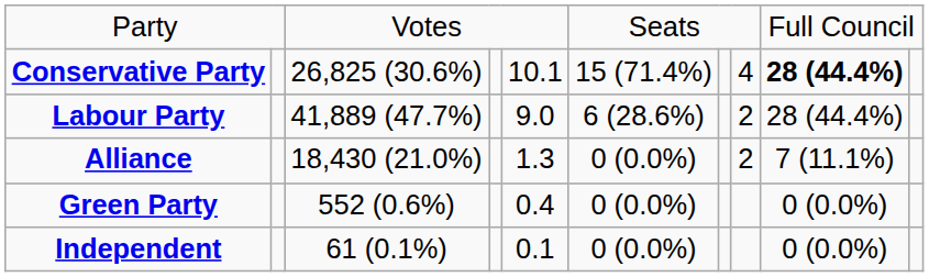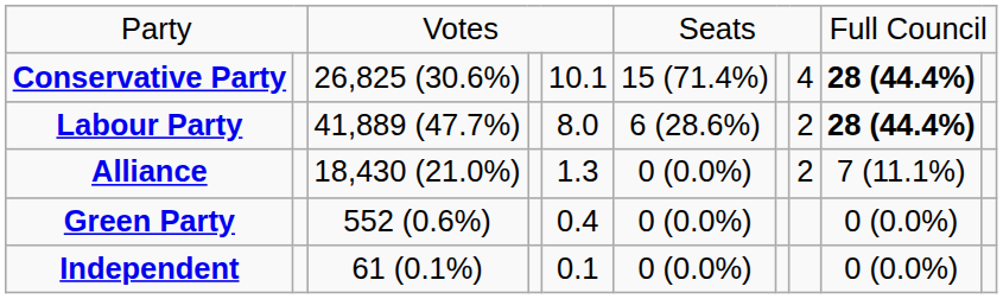 <table class=wikitable style="text-align:center;">
 <tr>
 <td colspan=2>Party</td>
 <td colspan=3>Votes</td>
 <td colspan=3>Seats</td>
 <td colspan=3>Full Council</td>
 </tr>
 <tr>
 <td><strong><a href='#'>Conservative Party</a></strong></td>
 <td style="background:"></td>
 <td>26,825 (30.6%)</td>
 <td></td>
 <td> 10.1</td>
 <td>15 (71.4%)</td>
 <td></td>
 <td> 4</td>
 <td><strong>28 (44.4%)</strong></td>
 <td></td>
 </tr>
 <tr>
 <td><strong><a href='#'>Labour Party</a></strong></td>
 <td style="background:"></td>
 <td>41,889 (47.7%)</td>
 <td></td>
-<td> 9.0</td>
+<td> 8.0</td>
 <td>6 (28.6%)</td>
 <td></td>
 <td> 2</td>
-<td>28 (44.4%)</td>
+<td><strong>28 (44.4%)</strong></td>
 <td></td>
 </tr>
 <tr>
 <td><strong><a href='#'>Alliance</a></strong></td>
 <td style="background:"></td>
 <td>18,430 (21.0%)</td>
 <td></td>
 <td> 1.3</td>
 <td>0 (0.0%)</td>
 <td></td>
 <td> 2</td>
 <td>7 (11.1%)</td>
 <td></td>
 </tr>
 <tr>
 <td><strong><a href='#'>Green Party</a></strong></td>
 <td style="background:"></td>
 <td>552 (0.6%)</td>
 <td></td>
 <td> 0.4</td>
 <td>0 (0.0%)</td>
 <td></td>
 <td></td>
 <td>0 (0.0%)</td>
 <td></td>
 </tr>
 <tr>
 <td><strong><a href='#'>Independent</a></strong></td>
 <td style="background:"></td>
 <td>61 (0.1%)</td>
 <td></td>
 <td> 0.1</td>
 <td>0 (0.0%)</td>
 <td></td>
 <td></td>
 <td>0 (0.0%)</td>
 <td></td>
 </tr>
 </table>
